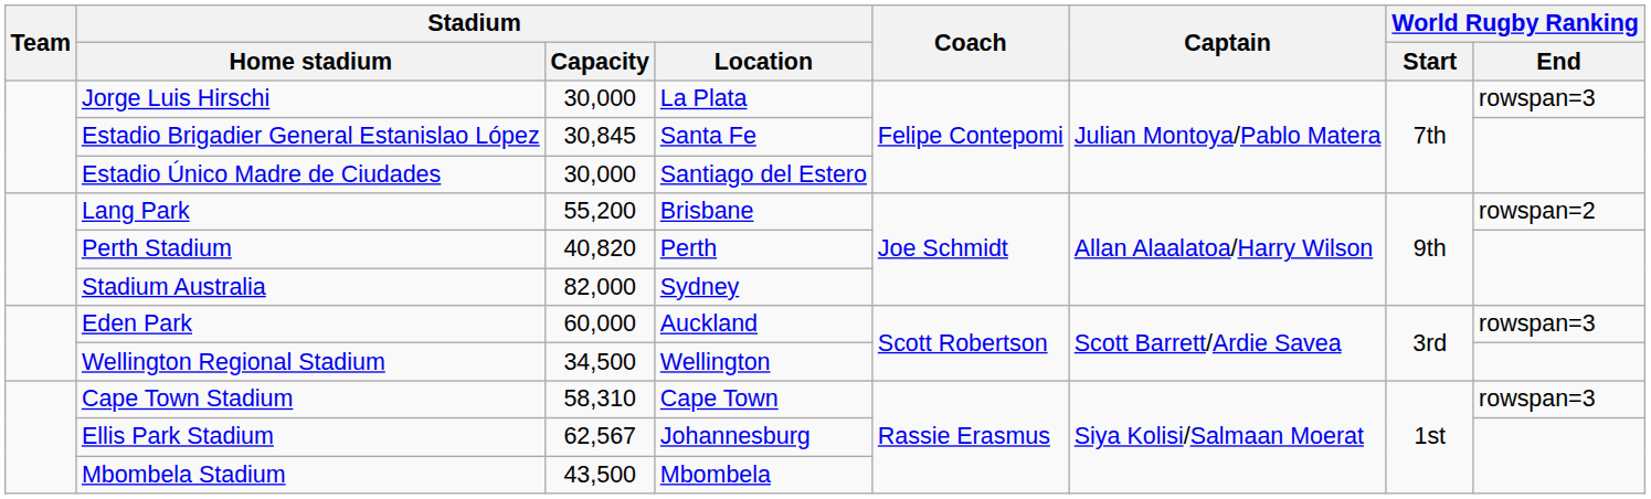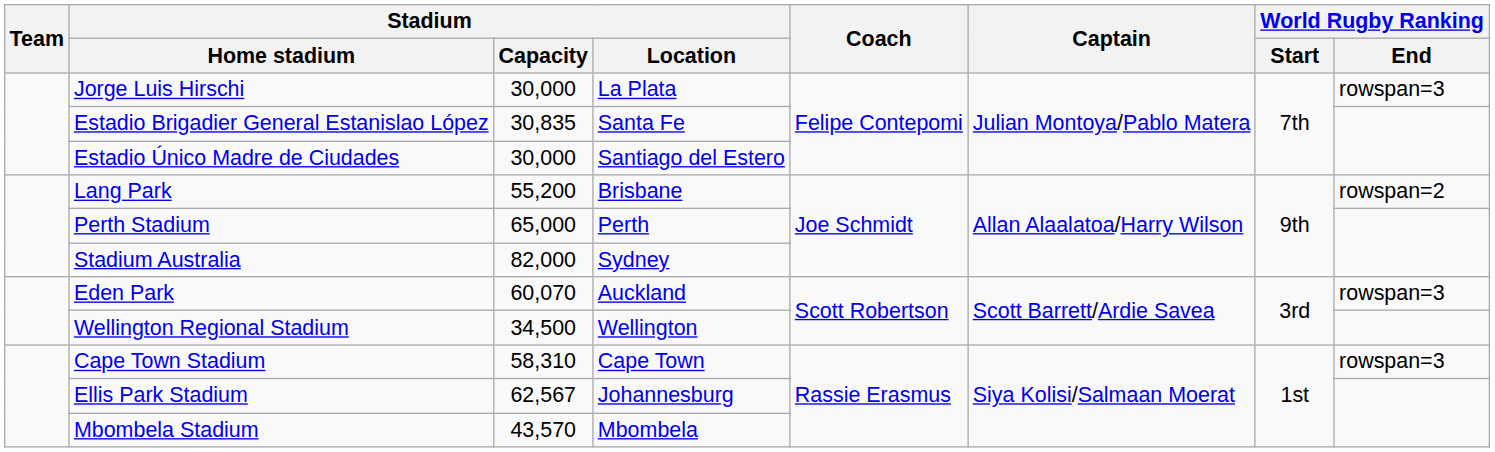 <table class="wikitable">
 <tr>
 <th rowspan="2">Team</th>
 <th colspan="3">Stadium</th>
 <th rowspan="2">Coach</th>
 <th rowspan="2">Captain</th>
 <th colspan="2"><a href='#'>World Rugby Ranking</a></th>
 </tr>
 <tr>
 <th>Home stadium</th>
 <th>Capacity</th>
 <th>Location</th>
 <th>Start</th>
 <th>End</th>
 </tr>
 <tr>
 <td rowspan=3></td>
 <td><a href='#'>Jorge Luis Hirschi</a></td>
 <td align=center>30,000</td>
 <td><a href='#'>La Plata</a> </td>
 <td rowspan=3> <a href='#'>Felipe Contepomi</a></td>
 <td rowspan=3><a href='#'>Julian Montoya</a>/<a href='#'>Pablo Matera</a></td>
 <td align=center rowspan=3>7th</td>
 <td>rowspan=3 </td>
 </tr>
 <tr>
 <td><a href='#'>Estadio Brigadier General Estanislao López</a></td>
-<td align=center>30,845</td>
+<td align=center>30,835</td>
 <td><a href='#'>Santa Fe</a> </td>
 </tr>
 <tr>
 <td><a href='#'>Estadio Único Madre de Ciudades</a></td>
 <td align=center>30,000</td>
 <td><a href='#'>Santiago del Estero</a> </td>
 </tr>
 <tr>
 <td rowspan=3></td>
 <td><a href='#'>Lang Park</a></td>
 <td align=center>55,200</td>
 <td><a href='#'>Brisbane</a> </td>
 <td rowspan=3> <a href='#'>Joe Schmidt</a></td>
 <td rowspan=3><a href='#'>Allan Alaalatoa</a>/<a href='#'>Harry Wilson</a></td>
 <td align=center rowspan=3>9th</td>
 <td>rowspan=2 </td>
 </tr>
 <tr>
 <td><a href='#'>Perth Stadium</a></td>
-<td align=center>40,820</td>
+<td align=center>65,000</td>
 <td><a href='#'>Perth</a> </td>
 </tr>
 <tr>
 <td><a href='#'>Stadium Australia</a></td>
 <td align=center>82,000</td>
 <td><a href='#'>Sydney</a> </td>
 </tr>
 <tr>
 <td rowspan=2></td>
 <td><a href='#'>Eden Park</a></td>
-<td align=center>60,000</td>
+<td align=center>60,070</td>
 <td><a href='#'>Auckland</a> </td>
 <td rowspan=2> <a href='#'>Scott Robertson</a></td>
 <td rowspan=2><a href='#'>Scott Barrett</a>/<a href='#'>Ardie Savea</a></td>
 <td align=center rowspan=2>3rd</td>
 <td>rowspan=3 </td>
 </tr>
 <tr>
 <td><a href='#'>Wellington Regional Stadium</a></td>
 <td align=center>34,500</td>
 <td><a href='#'>Wellington</a></td>
 </tr>
 <tr>
 <td rowspan=3></td>
 <td><a href='#'>Cape Town Stadium</a></td>
 <td align=center>58,310</td>
 <td><a href='#'>Cape Town</a> </td>
 <td rowspan=3> <a href='#'>Rassie Erasmus</a></td>
 <td rowspan=3><a href='#'>Siya Kolisi</a>/<a href='#'>Salmaan Moerat</a></td>
 <td align=center rowspan=3>1st</td>
 <td>rowspan=3 </td>
 </tr>
 <tr>
 <td><a href='#'>Ellis Park Stadium</a></td>
 <td align=center>62,567</td>
 <td><a href='#'>Johannesburg</a> </td>
 </tr>
 <tr>
 <td><a href='#'>Mbombela Stadium</a></td>
-<td align=center>43,500</td>
+<td align=center>43,570</td>
 <td><a href='#'>Mbombela</a> </td>
 </tr>
 </table>
